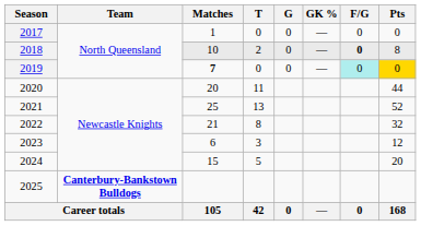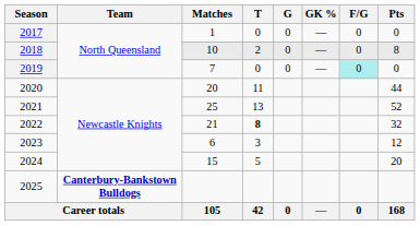 <table class="wikitable sortable"  style="font-size:90%; text-align:center; width:85%;">
 <tr>
 <th width=2%>Season</th>
 <th width=8%>Team</th>
 <th width=2%>Matches</th>
 <th width=2%>T</th>
 <th width=2%>G</th>
 <th width=2%>GK %</th>
 <th width=2%>F/G</th>
 <th width=2%>Pts</th>
 </tr>
 <tr>
 <th scope="row" style="text-align:center; font-weight:normal"><a href='#'>2017</a></th>
 <td rowspan="3" style="text-align:center;"> <a href='#'>North Queensland</a></td>
 <td>1</td>
 <td>0</td>
 <td>0</td>
 <td>—</td>
 <td>0</td>
 <td>0</td>
 </tr>
 <tr style="background:#eaeaea;">
 <th scope="row" style="text-align:center; font-weight:normal"><a href='#'>2018</a></th>
 <td>10</td>
 <td>2</td>
 <td>0</td>
 <td>—</td>
-<td><strong>0</strong></td>
+<td>0</td>
 <td>8</td>
 </tr>
 <tr>
 <th scope="row" style="text-align:center; font-weight:normal"><a href='#'>2019</a></th>
-<td><strong>7</strong></td>
+<td>7</td>
 <td>0</td>
 <td>0</td>
 <td>—</td>
 <td style="background: paleturquoise;">0</td>
-<td style="background: gold;">0</td>
+<td>0</td>
 </tr>
 <tr>
 <td>2020</td>
 <td rowspan="5">  <a href='#'>Newcastle Knights</a></td>
 <td>20</td>
 <td>11</td>
 <td></td>
 <td></td>
 <td></td>
 <td>44</td>
 </tr>
 <tr>
 <td>2021</td>
 <td>25</td>
 <td>13</td>
 <td></td>
 <td></td>
 <td></td>
 <td>52</td>
 </tr>
 <tr>
 <td>2022</td>
 <td>21</td>
-<td>8</td>
+<td><strong>8</strong></td>
 <td></td>
 <td></td>
 <td></td>
 <td>32</td>
 </tr>
 <tr>
 <td>2023</td>
 <td>6</td>
 <td>3</td>
 <td></td>
 <td></td>
 <td></td>
 <td>12</td>
 </tr>
 <tr>
 <td>2024</td>
 <td>15</td>
 <td>5</td>
 <td></td>
 <td></td>
 <td></td>
 <td>20</td>
 </tr>
 <tr>
 <td>2025</td>
 <td> <strong><a href='#'>Canterbury-Bankstown Bulldogs</a></strong></td>
 <td></td>
 <td></td>
 <td></td>
 <td></td>
 <td></td>
 <td></td>
 </tr>
 <tr class="sortbottom">
 <th colspan="2">Career totals</th>
 <th>105</th>
 <th>42</th>
 <th>0</th>
 <th>—</th>
 <th>0</th>
 <th>168</th>
 </tr>
 </table>
